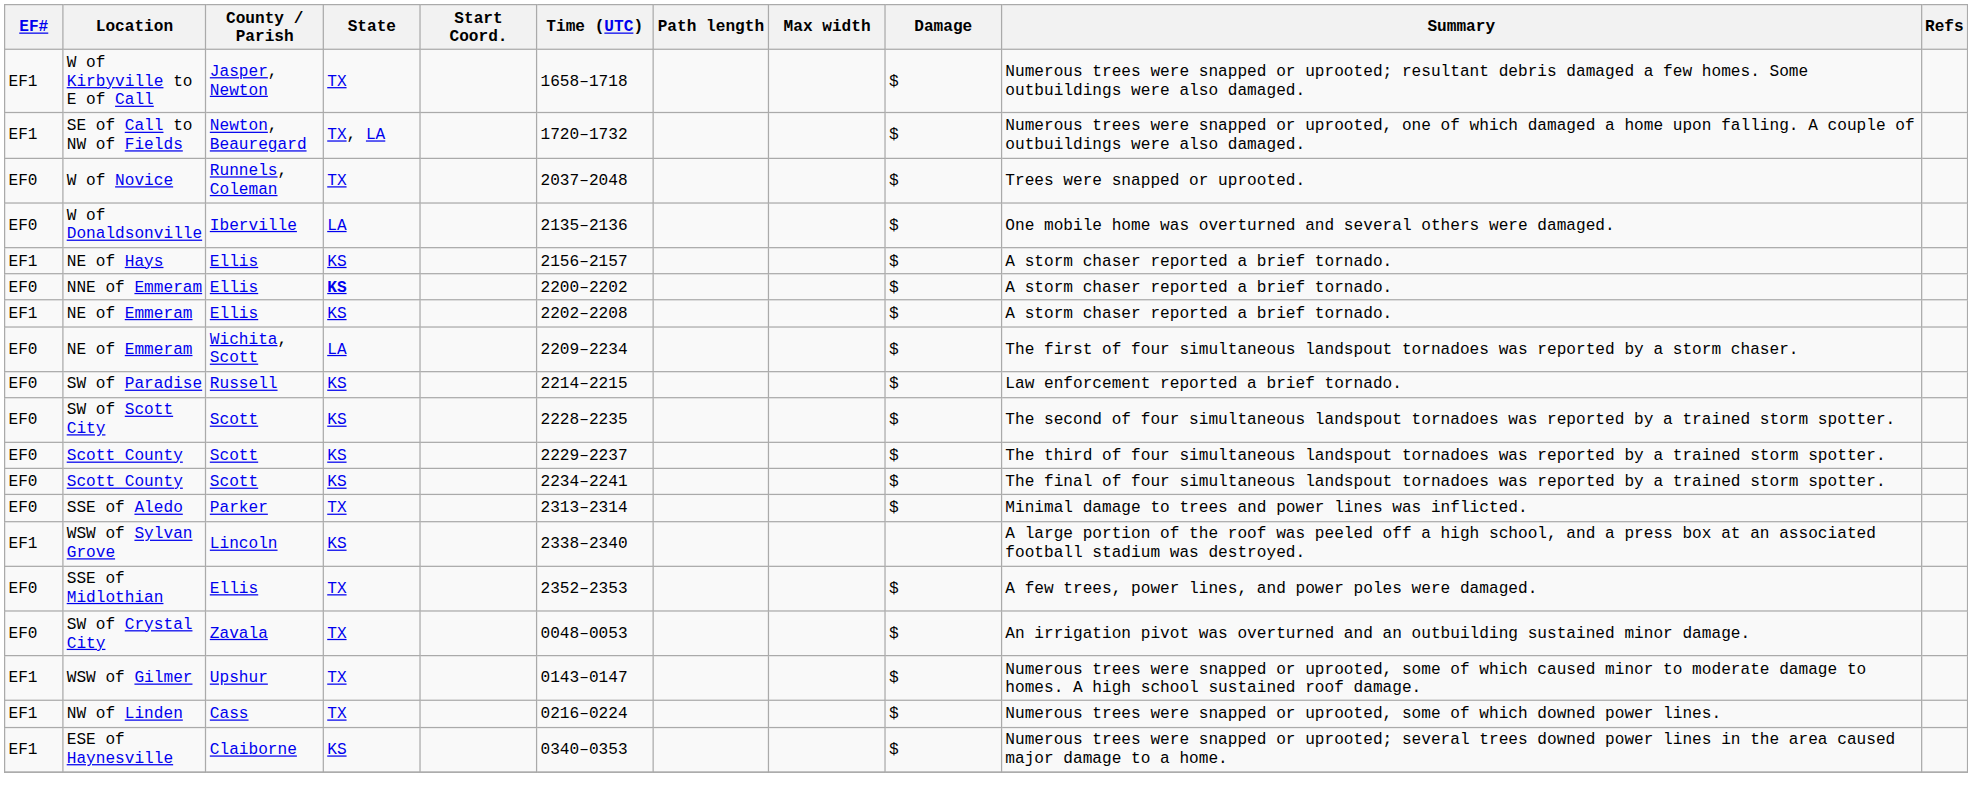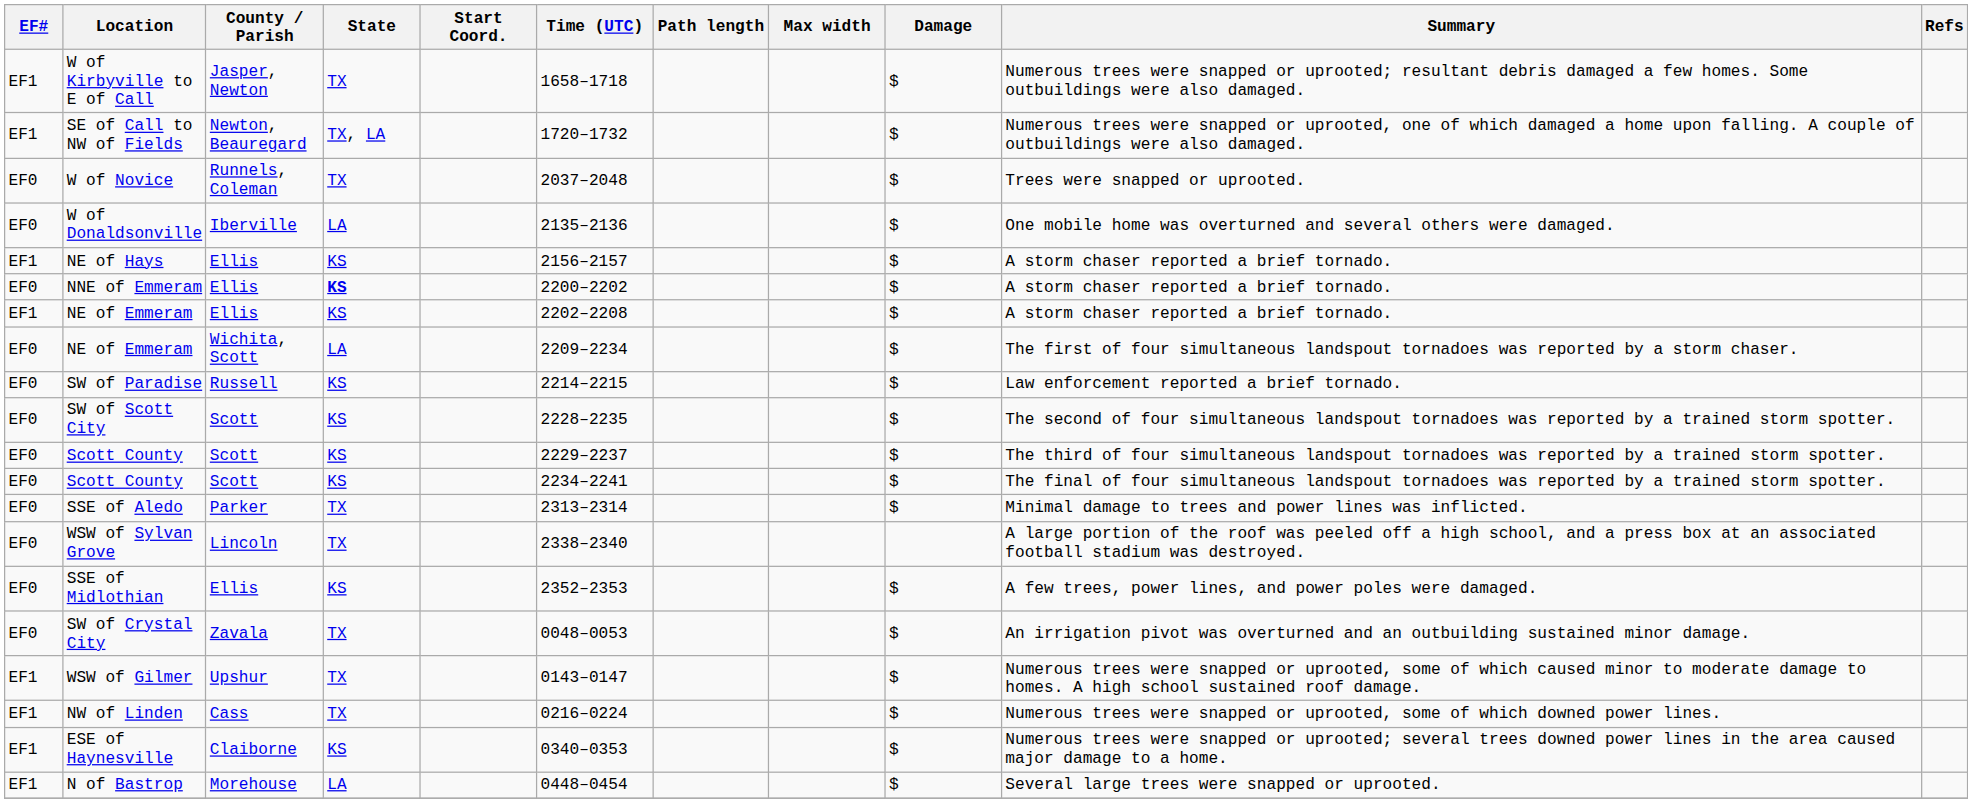 <table class="wikitable sortable" style="width:100%;">
 <tr>
 <th scope="col" width="3%" align="center"><a href='#'>EF#</a></th>
 <th scope="col" width="7%" align="center" class="unsortable">Location</th>
 <th scope="col" width="6%" align="center" class="unsortable">County / Parish</th>
 <th scope="col" width="5%" align="center">State</th>
 <th scope="col" width="6%" align="center">Start Coord.</th>
 <th scope="col" width="6%" align="center">Time (<a href='#'>UTC</a>)</th>
 <th scope="col" width="6%" align="center">Path length</th>
 <th scope="col" width="6%" align="center">Max width</th>
 <th scope="col" width="6%" align="center">Damage</th>
 <th scope="col" width="48%" class="unsortable" align="center">Summary</th>
 <th scope="col" width="48%" class="unsortable" align="center">Refs</th>
 </tr>
 <tr>
 <td>EF1</td>
 <td>W of <a href='#'>Kirbyville</a> to E of <a href='#'>Call</a></td>
 <td><a href='#'>Jasper</a>, <a href='#'>Newton</a></td>
 <td><a href='#'>TX</a></td>
 <td></td>
 <td>1658–1718</td>
 <td></td>
 <td></td>
 <td>$</td>
 <td>Numerous trees were snapped or uprooted; resultant debris damaged a few homes. Some outbuildings were also damaged.</td>
 <td></td>
 </tr>
 <tr>
 <td>EF1</td>
 <td>SE of <a href='#'>Call</a> to NW of <a href='#'>Fields</a></td>
 <td><a href='#'>Newton</a>, <a href='#'>Beauregard</a></td>
 <td><a href='#'>TX</a>, <a href='#'>LA</a></td>
 <td></td>
 <td>1720–1732</td>
 <td></td>
 <td></td>
 <td>$</td>
 <td>Numerous trees were snapped or uprooted, one of which damaged a home upon falling. A couple of outbuildings were also damaged.</td>
 <td></td>
 </tr>
 <tr>
 <td>EF0</td>
 <td>W of <a href='#'>Novice</a></td>
 <td><a href='#'>Runnels</a>, <a href='#'>Coleman</a></td>
 <td><a href='#'>TX</a></td>
 <td></td>
 <td>2037–2048</td>
 <td></td>
 <td></td>
 <td>$</td>
 <td>Trees were snapped or uprooted.</td>
 <td></td>
 </tr>
 <tr>
 <td>EF0</td>
 <td>W of <a href='#'>Donaldsonville</a></td>
 <td><a href='#'>Iberville</a></td>
 <td><a href='#'>LA</a></td>
 <td></td>
 <td>2135–2136</td>
 <td></td>
 <td></td>
 <td>$</td>
 <td>One mobile home was overturned and several others were damaged.</td>
 <td></td>
 </tr>
 <tr>
 <td>EF1</td>
 <td>NE of <a href='#'>Hays</a></td>
 <td><a href='#'>Ellis</a></td>
 <td><a href='#'>KS</a></td>
 <td></td>
 <td>2156–2157</td>
 <td></td>
 <td></td>
 <td>$</td>
 <td>A storm chaser reported a brief tornado.</td>
 <td></td>
 </tr>
 <tr>
 <td>EF0</td>
 <td>NNE of <a href='#'>Emmeram</a></td>
 <td><a href='#'>Ellis</a></td>
 <td><strong><a href='#'>KS</a></strong></td>
 <td></td>
 <td>2200–2202</td>
 <td></td>
 <td></td>
 <td>$</td>
 <td>A storm chaser reported a brief tornado.</td>
 <td></td>
 </tr>
 <tr>
 <td>EF1</td>
 <td>NE of <a href='#'>Emmeram</a></td>
 <td><a href='#'>Ellis</a></td>
 <td><a href='#'>KS</a></td>
 <td></td>
 <td>2202–2208</td>
 <td></td>
 <td></td>
 <td>$</td>
 <td>A storm chaser reported a brief tornado.</td>
 <td></td>
 </tr>
 <tr>
 <td>EF0</td>
 <td>NE of <a href='#'>Emmeram</a></td>
 <td><a href='#'>Wichita</a>, <a href='#'>Scott</a></td>
 <td><a href='#'>LA</a></td>
 <td></td>
 <td>2209–2234</td>
 <td></td>
 <td></td>
 <td>$</td>
 <td>The first of four simultaneous landspout tornadoes was reported by a storm chaser.</td>
 <td></td>
 </tr>
 <tr>
 <td>EF0</td>
 <td>SW of <a href='#'>Paradise</a></td>
 <td><a href='#'>Russell</a></td>
 <td><a href='#'>KS</a></td>
 <td></td>
 <td>2214–2215</td>
 <td></td>
 <td></td>
 <td>$</td>
 <td>Law enforcement reported a brief tornado.</td>
 <td></td>
 </tr>
 <tr>
 <td>EF0</td>
 <td>SW of <a href='#'>Scott City</a></td>
 <td><a href='#'>Scott</a></td>
 <td><a href='#'>KS</a></td>
 <td></td>
 <td>2228–2235</td>
 <td></td>
 <td></td>
 <td>$</td>
 <td>The second of four simultaneous landspout tornadoes was reported by a trained storm spotter.</td>
 <td></td>
 </tr>
 <tr>
 <td>EF0</td>
 <td><a href='#'>Scott County</a></td>
 <td><a href='#'>Scott</a></td>
 <td><a href='#'>KS</a></td>
 <td></td>
 <td>2229–2237</td>
 <td></td>
 <td></td>
 <td>$</td>
 <td>The third of four simultaneous landspout tornadoes was reported by a trained storm spotter.</td>
 <td></td>
 </tr>
 <tr>
 <td>EF0</td>
 <td><a href='#'>Scott County</a></td>
 <td><a href='#'>Scott</a></td>
 <td><a href='#'>KS</a></td>
 <td></td>
 <td>2234–2241</td>
 <td></td>
 <td></td>
 <td>$</td>
 <td>The final of four simultaneous landspout tornadoes was reported by a trained storm spotter.</td>
 <td></td>
 </tr>
 <tr>
 <td>EF0</td>
 <td>SSE of <a href='#'>Aledo</a></td>
 <td><a href='#'>Parker</a></td>
 <td><a href='#'>TX</a></td>
 <td></td>
 <td>2313–2314</td>
 <td></td>
 <td></td>
 <td>$</td>
 <td>Minimal damage to trees and power lines was inflicted.</td>
 <td></td>
 </tr>
 <tr>
-<td>EF1</td>
+<td>EF0</td>
 <td>WSW of <a href='#'>Sylvan Grove</a></td>
 <td><a href='#'>Lincoln</a></td>
-<td><a href='#'>KS</a></td>
+<td><a href='#'>TX</a></td>
 <td></td>
 <td>2338–2340</td>
 <td></td>
 <td></td>
 <td></td>
 <td>A large portion of the roof was peeled off a high school, and a press box at an associated football stadium was destroyed.</td>
 <td></td>
 </tr>
 <tr>
 <td>EF0</td>
 <td>SSE of <a href='#'>Midlothian</a></td>
 <td><a href='#'>Ellis</a></td>
-<td><a href='#'>TX</a></td>
+<td><a href='#'>KS</a></td>
 <td></td>
 <td>2352–2353</td>
 <td></td>
 <td></td>
 <td>$</td>
 <td>A few trees, power lines, and power poles were damaged.</td>
 <td></td>
 </tr>
 <tr>
 <td>EF0</td>
 <td>SW of <a href='#'>Crystal City</a></td>
 <td><a href='#'>Zavala</a></td>
 <td><a href='#'>TX</a></td>
 <td></td>
 <td>0048–0053</td>
 <td></td>
 <td></td>
 <td>$</td>
 <td>An irrigation pivot was overturned and an outbuilding sustained minor damage.</td>
 <td></td>
 </tr>
 <tr>
 <td>EF1</td>
 <td>WSW of <a href='#'>Gilmer</a></td>
 <td><a href='#'>Upshur</a></td>
 <td><a href='#'>TX</a></td>
 <td></td>
 <td>0143–0147</td>
 <td></td>
 <td></td>
 <td>$</td>
 <td>Numerous trees were snapped or uprooted, some of which caused minor to moderate damage to homes. A high school sustained roof damage.</td>
 <td></td>
 </tr>
 <tr>
 <td>EF1</td>
 <td>NW of <a href='#'>Linden</a></td>
 <td><a href='#'>Cass</a></td>
 <td><a href='#'>TX</a></td>
 <td></td>
 <td>0216–0224</td>
 <td></td>
 <td></td>
 <td>$</td>
 <td>Numerous trees were snapped or uprooted, some of which downed power lines.</td>
 <td></td>
 </tr>
 <tr>
 <td>EF1</td>
 <td>ESE of <a href='#'>Haynesville</a></td>
 <td><a href='#'>Claiborne</a></td>
 <td><a href='#'>KS</a></td>
 <td></td>
 <td>0340–0353</td>
 <td></td>
 <td></td>
 <td>$</td>
 <td>Numerous trees were snapped or uprooted; several trees downed power lines in the area caused major damage to a home.</td>
 <td></td>
 </tr>
 <tr>
+<td>EF1</td>
+<td>N of <a href='#'>Bastrop</a></td>
+<td><a href='#'>Morehouse</a></td>
+<td><a href='#'>LA</a></td>
+<td></td>
+<td>0448–0454</td>
+<td></td>
+<td></td>
+<td>$</td>
+<td>Several large trees were snapped or uprooted.</td>
+<td></td>
+</tr>
+<tr>
 </tr>
 </table>
